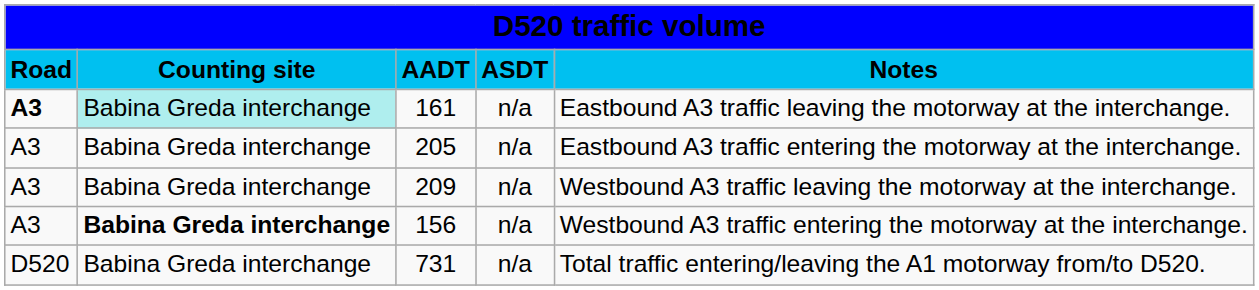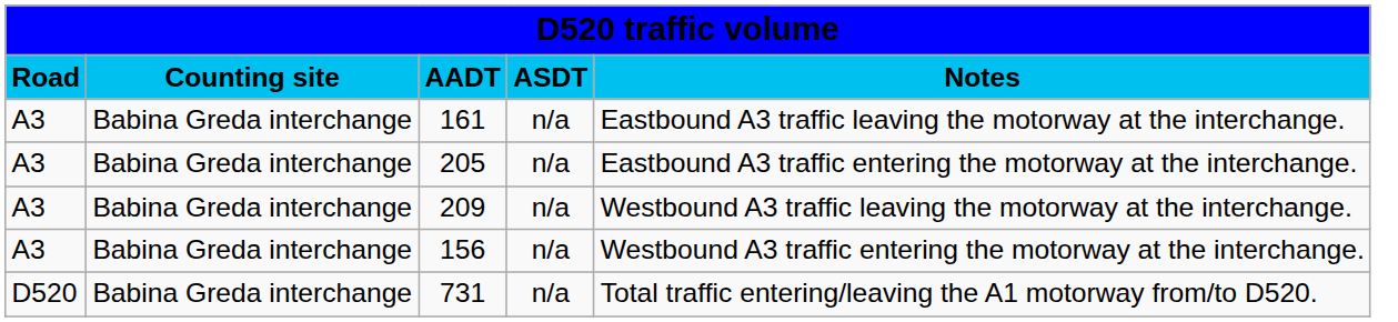 <table class="wikitable">
 <tr>
 <td colspan=5 bgcolor=blue align=center style=margin-top:15><span><big><strong>D520 traffic volume</strong></big></span></td>
 </tr>
 <tr>
 <td align=center bgcolor=00c0f0><strong>Road</strong></td>
 <td align=center bgcolor=00c0f0><strong>Counting site</strong></td>
 <td align=center bgcolor=00c0f0><strong>AADT</strong></td>
 <td align=center bgcolor=00c0f0><strong>ASDT</strong></td>
 <td align=center bgcolor=00c0f0><strong>Notes</strong></td>
 </tr>
 <tr>
-<td><strong> A3</strong></td>
-<td style="background: paleturquoise;">Babina Greda interchange</td>
+<td> A3</td>
+<td>Babina Greda interchange</td>
 <td align=center>161</td>
 <td align=center>n/a</td>
 <td>Eastbound A3 traffic leaving the motorway at the interchange.</td>
 </tr>
 <tr>
 <td> A3</td>
 <td>Babina Greda interchange</td>
 <td align=center>205</td>
 <td align=center>n/a</td>
 <td>Eastbound A3 traffic entering the motorway at the interchange.</td>
 </tr>
 <tr>
 <td> A3</td>
 <td>Babina Greda interchange</td>
 <td align=center>209</td>
 <td align=center>n/a</td>
 <td>Westbound A3 traffic leaving the motorway at the interchange.</td>
 </tr>
 <tr>
 <td> A3</td>
-<td><strong>Babina Greda interchange</strong></td>
+<td>Babina Greda interchange</td>
 <td align=center>156</td>
 <td align=center>n/a</td>
 <td>Westbound A3 traffic entering the motorway at the interchange.</td>
 </tr>
 <tr>
 <td> D520</td>
 <td>Babina Greda interchange</td>
 <td align=center>731</td>
 <td align=center>n/a</td>
 <td>Total traffic entering/leaving the A1 motorway from/to D520.</td>
 </tr>
 </table>
